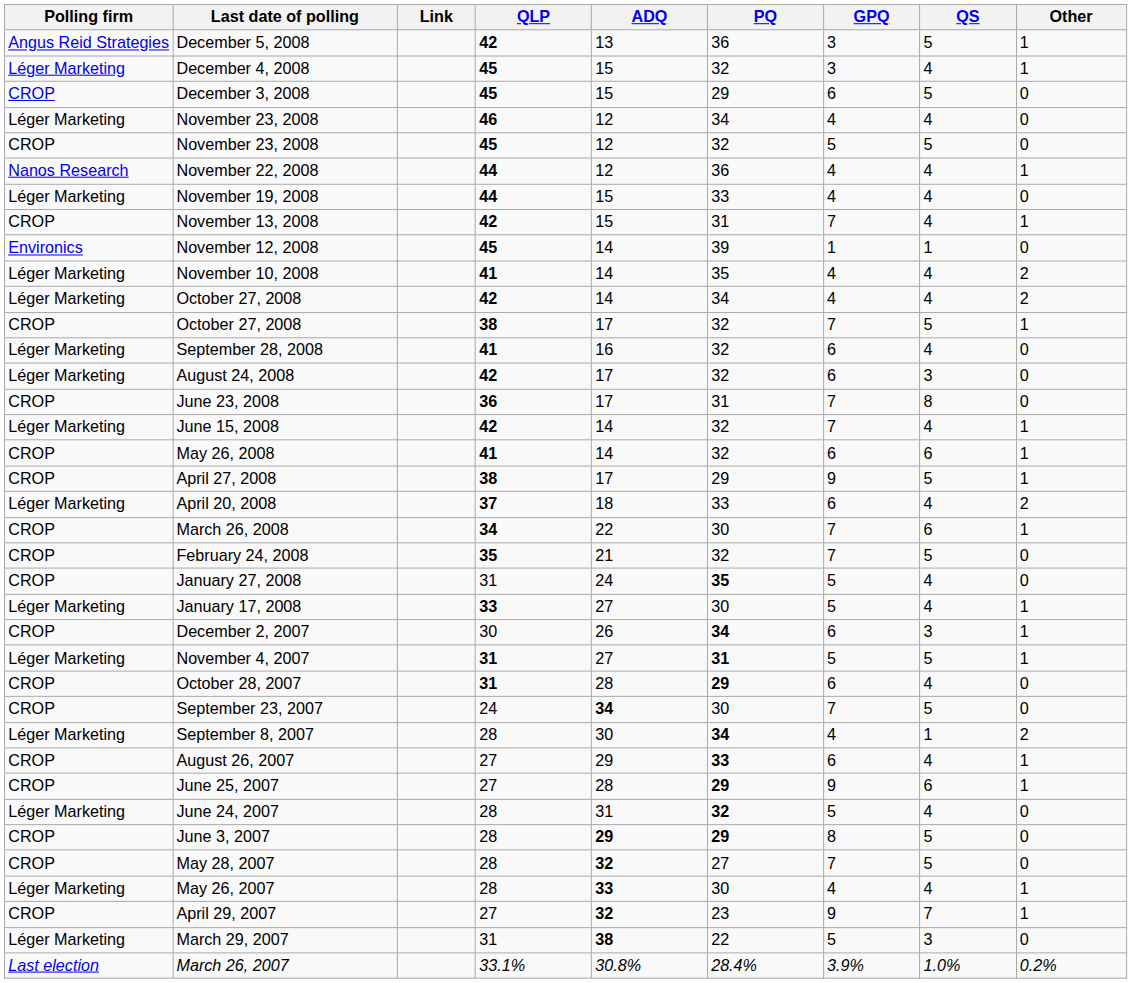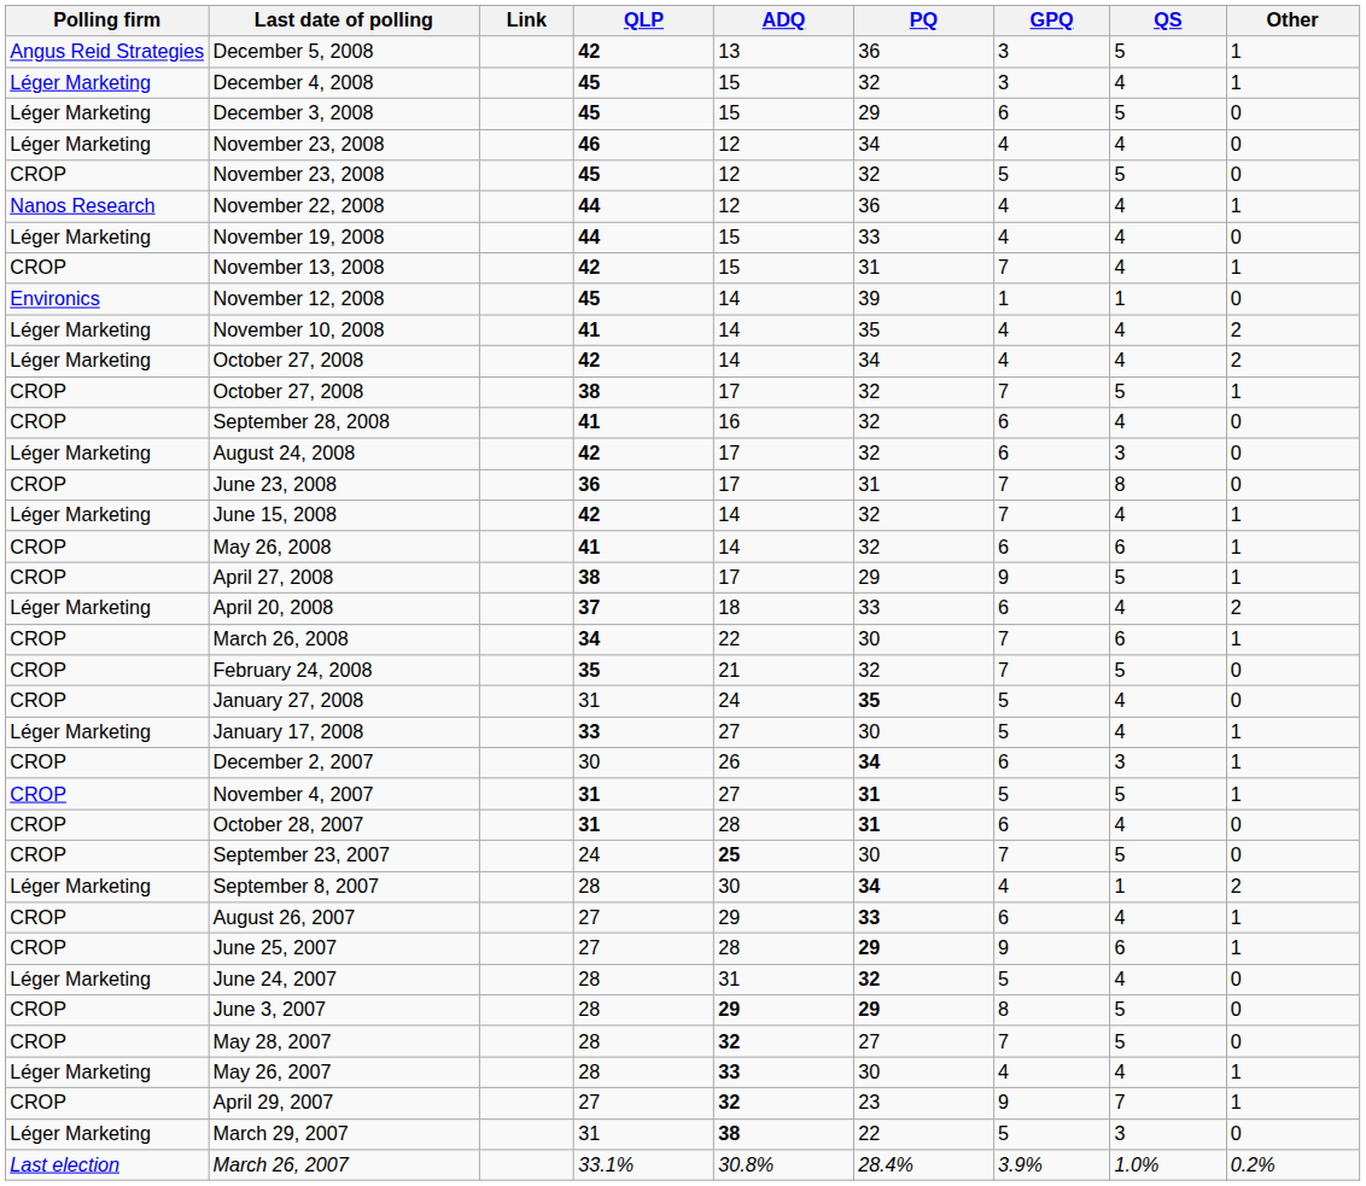 <table class="wikitable">
 <tr>
 <th width=15%>Polling firm</th>
 <th width=20%>Last date of polling</th>
 <th width=7%>Link</th>
 <th style="background-color:"><a href='#'>QLP</a></th>
 <th style="background-color:"><a href='#'>ADQ</a></th>
 <th style="background-color:"><a href='#'>PQ</a></th>
 <th style="background-color:"><a href='#'>GPQ</a></th>
 <th style="background-color:"><a href='#'>QS</a></th>
 <th style="background-color:">Other</th>
 </tr>
 <tr>
 <td><a href='#'>Angus Reid Strategies</a></td>
 <td>December 5, 2008</td>
 <td><br></td>
 <td><strong>42</strong></td>
 <td>13</td>
 <td>36</td>
 <td>3</td>
 <td>5</td>
 <td>1</td>
 </tr>
 <tr>
 <td><a href='#'>Léger Marketing</a></td>
 <td>December 4, 2008</td>
 <td><br></td>
 <td><strong>45</strong></td>
 <td>15</td>
 <td>32</td>
 <td>3</td>
 <td>4</td>
 <td>1</td>
 </tr>
 <tr>
-<td><a href='#'>CROP</a></td>
+<td>Léger Marketing</td>
 <td>December 3, 2008</td>
 <td><br></td>
 <td><strong>45</strong></td>
 <td>15</td>
 <td>29</td>
 <td>6</td>
 <td>5</td>
 <td>0</td>
 </tr>
 <tr>
 <td>Léger Marketing</td>
 <td>November 23, 2008</td>
 <td><br></td>
 <td><strong>46</strong></td>
 <td>12</td>
 <td>34</td>
 <td>4</td>
 <td>4</td>
 <td>0</td>
 </tr>
 <tr>
 <td>CROP</td>
 <td>November 23, 2008</td>
 <td><br></td>
 <td><strong>45</strong></td>
 <td>12</td>
 <td>32</td>
 <td>5</td>
 <td>5</td>
 <td>0</td>
 </tr>
 <tr>
 <td><a href='#'>Nanos Research</a></td>
 <td>November 22, 2008</td>
 <td><br></td>
 <td><strong>44</strong></td>
 <td>12</td>
 <td>36</td>
 <td>4</td>
 <td>4</td>
 <td>1</td>
 </tr>
 <tr>
 <td>Léger Marketing</td>
 <td>November 19, 2008</td>
 <td><br></td>
 <td><strong>44</strong></td>
 <td>15</td>
 <td>33</td>
 <td>4</td>
 <td>4</td>
 <td>0</td>
 </tr>
 <tr>
 <td>CROP</td>
 <td>November 13, 2008</td>
 <td><br></td>
 <td><strong>42</strong></td>
 <td>15</td>
 <td>31</td>
 <td>7</td>
 <td>4</td>
 <td>1</td>
 </tr>
 <tr>
 <td><a href='#'>Environics</a></td>
 <td>November 12, 2008</td>
 <td><br></td>
 <td><strong>45</strong></td>
 <td>14</td>
 <td>39</td>
 <td>1</td>
 <td>1</td>
 <td>0</td>
 </tr>
 <tr>
 <td>Léger Marketing</td>
 <td>November 10, 2008</td>
 <td><br></td>
 <td><strong>41</strong></td>
 <td>14</td>
 <td>35</td>
 <td>4</td>
 <td>4</td>
 <td>2</td>
 </tr>
 <tr>
 <td>Léger Marketing</td>
 <td>October 27, 2008</td>
 <td><br></td>
 <td><strong>42</strong></td>
 <td>14</td>
 <td>34</td>
 <td>4</td>
 <td>4</td>
 <td>2</td>
 </tr>
 <tr>
 <td>CROP</td>
 <td>October 27, 2008</td>
 <td><br></td>
 <td><strong>38</strong></td>
 <td>17</td>
 <td>32</td>
 <td>7</td>
 <td>5</td>
 <td>1</td>
 </tr>
 <tr>
-<td>Léger Marketing</td>
+<td>CROP</td>
 <td>September 28, 2008</td>
 <td><br></td>
 <td><strong>41</strong></td>
 <td>16</td>
 <td>32</td>
 <td>6</td>
 <td>4</td>
 <td>0</td>
 </tr>
 <tr>
 <td>Léger Marketing</td>
 <td>August 24, 2008</td>
 <td><br></td>
 <td><strong>42</strong></td>
 <td>17</td>
 <td>32</td>
 <td>6</td>
 <td>3</td>
 <td>0</td>
 </tr>
 <tr>
 <td>CROP</td>
 <td>June 23, 2008</td>
 <td><br></td>
 <td><strong>36</strong></td>
 <td>17</td>
 <td>31</td>
 <td>7</td>
 <td>8</td>
 <td>0</td>
 </tr>
 <tr>
 <td>Léger Marketing</td>
 <td>June 15, 2008</td>
 <td><br></td>
 <td><strong>42</strong></td>
 <td>14</td>
 <td>32</td>
 <td>7</td>
 <td>4</td>
 <td>1</td>
 </tr>
 <tr>
 <td>CROP</td>
 <td>May 26, 2008</td>
 <td><br></td>
 <td><strong>41</strong></td>
 <td>14</td>
 <td>32</td>
 <td>6</td>
 <td>6</td>
 <td>1</td>
 </tr>
 <tr>
 <td>CROP</td>
 <td>April 27, 2008</td>
 <td><br></td>
 <td><strong>38</strong></td>
 <td>17</td>
 <td>29</td>
 <td>9</td>
 <td>5</td>
 <td>1</td>
 </tr>
 <tr>
 <td>Léger Marketing</td>
 <td>April 20, 2008</td>
 <td><br></td>
 <td><strong>37</strong></td>
 <td>18</td>
 <td>33</td>
 <td>6</td>
 <td>4</td>
 <td>2</td>
 </tr>
 <tr>
 <td>CROP</td>
 <td>March 26, 2008</td>
 <td><br></td>
 <td><strong>34</strong></td>
 <td>22</td>
 <td>30</td>
 <td>7</td>
 <td>6</td>
 <td>1</td>
 </tr>
 <tr>
 <td>CROP</td>
 <td>February 24, 2008</td>
 <td><br></td>
 <td><strong>35</strong></td>
 <td>21</td>
 <td>32</td>
 <td>7</td>
 <td>5</td>
 <td>0</td>
 </tr>
 <tr>
 <td>CROP</td>
 <td>January 27, 2008</td>
 <td><br></td>
 <td>31</td>
 <td>24</td>
 <td><strong>35</strong></td>
 <td>5</td>
 <td>4</td>
 <td>0</td>
 </tr>
 <tr>
 <td>Léger Marketing</td>
 <td>January 17, 2008</td>
 <td><br></td>
 <td><strong>33</strong></td>
 <td>27</td>
 <td>30</td>
 <td>5</td>
 <td>4</td>
 <td>1</td>
 </tr>
 <tr>
 <td>CROP</td>
 <td>December 2, 2007</td>
 <td><br></td>
 <td>30</td>
 <td>26</td>
 <td><strong>34</strong></td>
 <td>6</td>
 <td>3</td>
 <td>1</td>
 </tr>
 <tr>
-<td>Léger Marketing</td>
+<td><a href='#'>CROP</a></td>
 <td>November 4, 2007</td>
 <td><br></td>
 <td><strong>31</strong></td>
 <td>27</td>
 <td><strong>31</strong></td>
 <td>5</td>
 <td>5</td>
 <td>1</td>
 </tr>
 <tr>
 <td>CROP</td>
 <td>October 28, 2007</td>
 <td><br></td>
 <td><strong>31</strong></td>
 <td>28</td>
-<td><strong>29</strong></td>
+<td><strong>31</strong></td>
 <td>6</td>
 <td>4</td>
 <td>0</td>
 </tr>
 <tr>
 <td>CROP</td>
 <td>September 23, 2007</td>
 <td><br></td>
 <td>24</td>
-<td><strong>34</strong></td>
+<td><strong>25</strong></td>
 <td>30</td>
 <td>7</td>
 <td>5</td>
 <td>0</td>
 </tr>
 <tr>
 <td>Léger Marketing</td>
 <td>September 8, 2007</td>
 <td><br></td>
 <td>28</td>
 <td>30</td>
 <td><strong>34</strong></td>
 <td>4</td>
 <td>1</td>
 <td>2</td>
 </tr>
 <tr>
 <td>CROP</td>
 <td>August 26, 2007</td>
 <td><br></td>
 <td>27</td>
 <td>29</td>
 <td><strong>33</strong></td>
 <td>6</td>
 <td>4</td>
 <td>1</td>
 </tr>
 <tr>
 <td>CROP</td>
 <td>June 25, 2007</td>
 <td><br></td>
 <td>27</td>
 <td>28</td>
 <td><strong>29</strong></td>
 <td>9</td>
 <td>6</td>
 <td>1</td>
 </tr>
 <tr>
 <td>Léger Marketing</td>
 <td>June 24, 2007</td>
 <td><br></td>
 <td>28</td>
 <td>31</td>
 <td><strong>32</strong></td>
 <td>5</td>
 <td>4</td>
 <td>0</td>
 </tr>
 <tr>
 <td>CROP</td>
 <td>June 3, 2007</td>
 <td><br></td>
 <td>28</td>
 <td><strong>29</strong></td>
 <td><strong>29</strong></td>
 <td>8</td>
 <td>5</td>
 <td>0</td>
 </tr>
 <tr>
 <td>CROP</td>
 <td>May 28, 2007</td>
 <td><br></td>
 <td>28</td>
 <td><strong>32</strong></td>
 <td>27</td>
 <td>7</td>
 <td>5</td>
 <td>0</td>
 </tr>
 <tr>
 <td>Léger Marketing</td>
 <td>May 26, 2007</td>
 <td><br></td>
 <td>28</td>
 <td><strong>33</strong></td>
 <td>30</td>
 <td>4</td>
 <td>4</td>
 <td>1</td>
 </tr>
 <tr>
 <td>CROP</td>
 <td>April 29, 2007</td>
 <td><br></td>
 <td>27</td>
 <td><strong>32</strong></td>
 <td>23</td>
 <td>9</td>
 <td>7</td>
 <td>1</td>
 </tr>
 <tr>
 <td>Léger Marketing</td>
 <td>March 29, 2007</td>
 <td><br></td>
 <td>31</td>
 <td><strong>38</strong></td>
 <td>22</td>
 <td>5</td>
 <td>3</td>
 <td>0</td>
 </tr>
 <tr>
 <td><em><a href='#'>Last election</a></em></td>
 <td><em>March 26, 2007</em></td>
 <td><br></td>
 <td><em>33.1%</em></td>
 <td><em>30.8%</em></td>
 <td><em>28.4%</em></td>
 <td><em>3.9%</em></td>
 <td><em>1.0%</em></td>
 <td><em>0.2%</em></td>
 </tr>
 </table>
